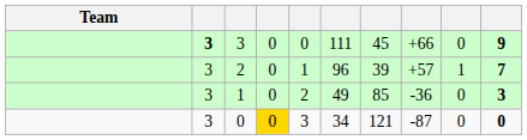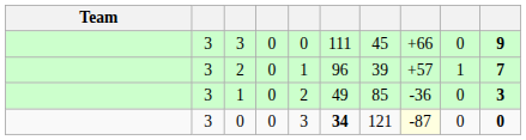 <table class="wikitable" style="text-align:center;">
 <tr>
 <th style="width:11.0em;">Team</th>
 <th style="width:1.5em;"></th>
 <th style="width:1.5em;"></th>
 <th style="width:1.5em;"></th>
 <th style="width:1.5em;"></th>
 <th style="width:2.0em;"></th>
 <th style="width:2.0em;"></th>
 <th style="width:2.0em;"></th>
 <th style="width:2.0em;"></th>
 <th style="width:2.0em;"></th>
 </tr>
 <tr bgcolor=#cfc>
 <td align="left"></td>
-<td><strong>3</strong></td>
+<td>3</td>
 <td>3</td>
 <td>0</td>
 <td>0</td>
 <td>111</td>
 <td>45</td>
 <td>+66</td>
 <td>0</td>
 <td><strong>9</strong></td>
 </tr>
 <tr bgcolor=#cfc>
 <td align="left"></td>
 <td>3</td>
 <td>2</td>
 <td>0</td>
 <td>1</td>
 <td>96</td>
 <td>39</td>
 <td>+57</td>
 <td>1</td>
 <td><strong>7</strong></td>
 </tr>
 <tr bgcolor=#cfc>
 <td align="left"></td>
 <td>3</td>
 <td>1</td>
 <td>0</td>
 <td>2</td>
 <td>49</td>
 <td>85</td>
 <td>-36</td>
 <td>0</td>
 <td><strong>3</strong></td>
 </tr>
 <tr>
 <td align="left"></td>
 <td>3</td>
 <td>0</td>
-<td style="background: gold;">0</td>
+<td>0</td>
 <td>3</td>
-<td>34</td>
+<td><strong>34</strong></td>
 <td>121</td>
-<td>-87</td>
+<td style="background: lightyellow;">-87</td>
 <td>0</td>
 <td><strong>0</strong></td>
 </tr>
 </table>
